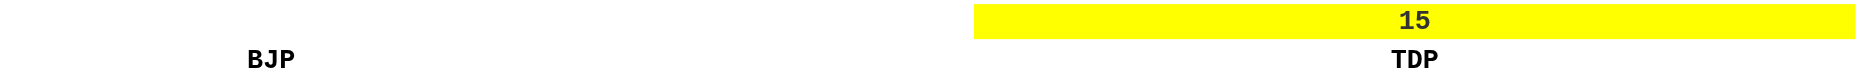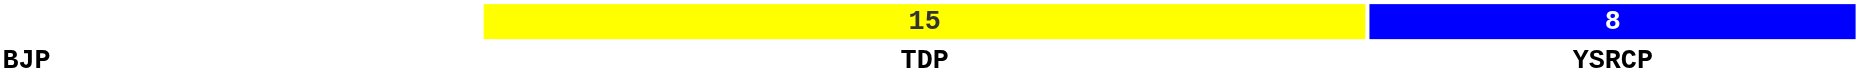 <table style="width:88%; text-align:center;">
 <tr style="color:white;">
 <td style="background:"><strong>2</strong></td>
 <td style="background:yellow;color: #333; width:38.74%;"><strong>15</strong></td>
+<td style="background:blue; width:21.4%;"><strong>8</strong></td>
 </tr>
 <tr>
 <td><span><strong>BJP</strong></span></td>
 <td><span><strong>TDP</strong></span></td>
+<td><span><strong>YSRCP</strong></span></td>
 </tr>
 </table>
